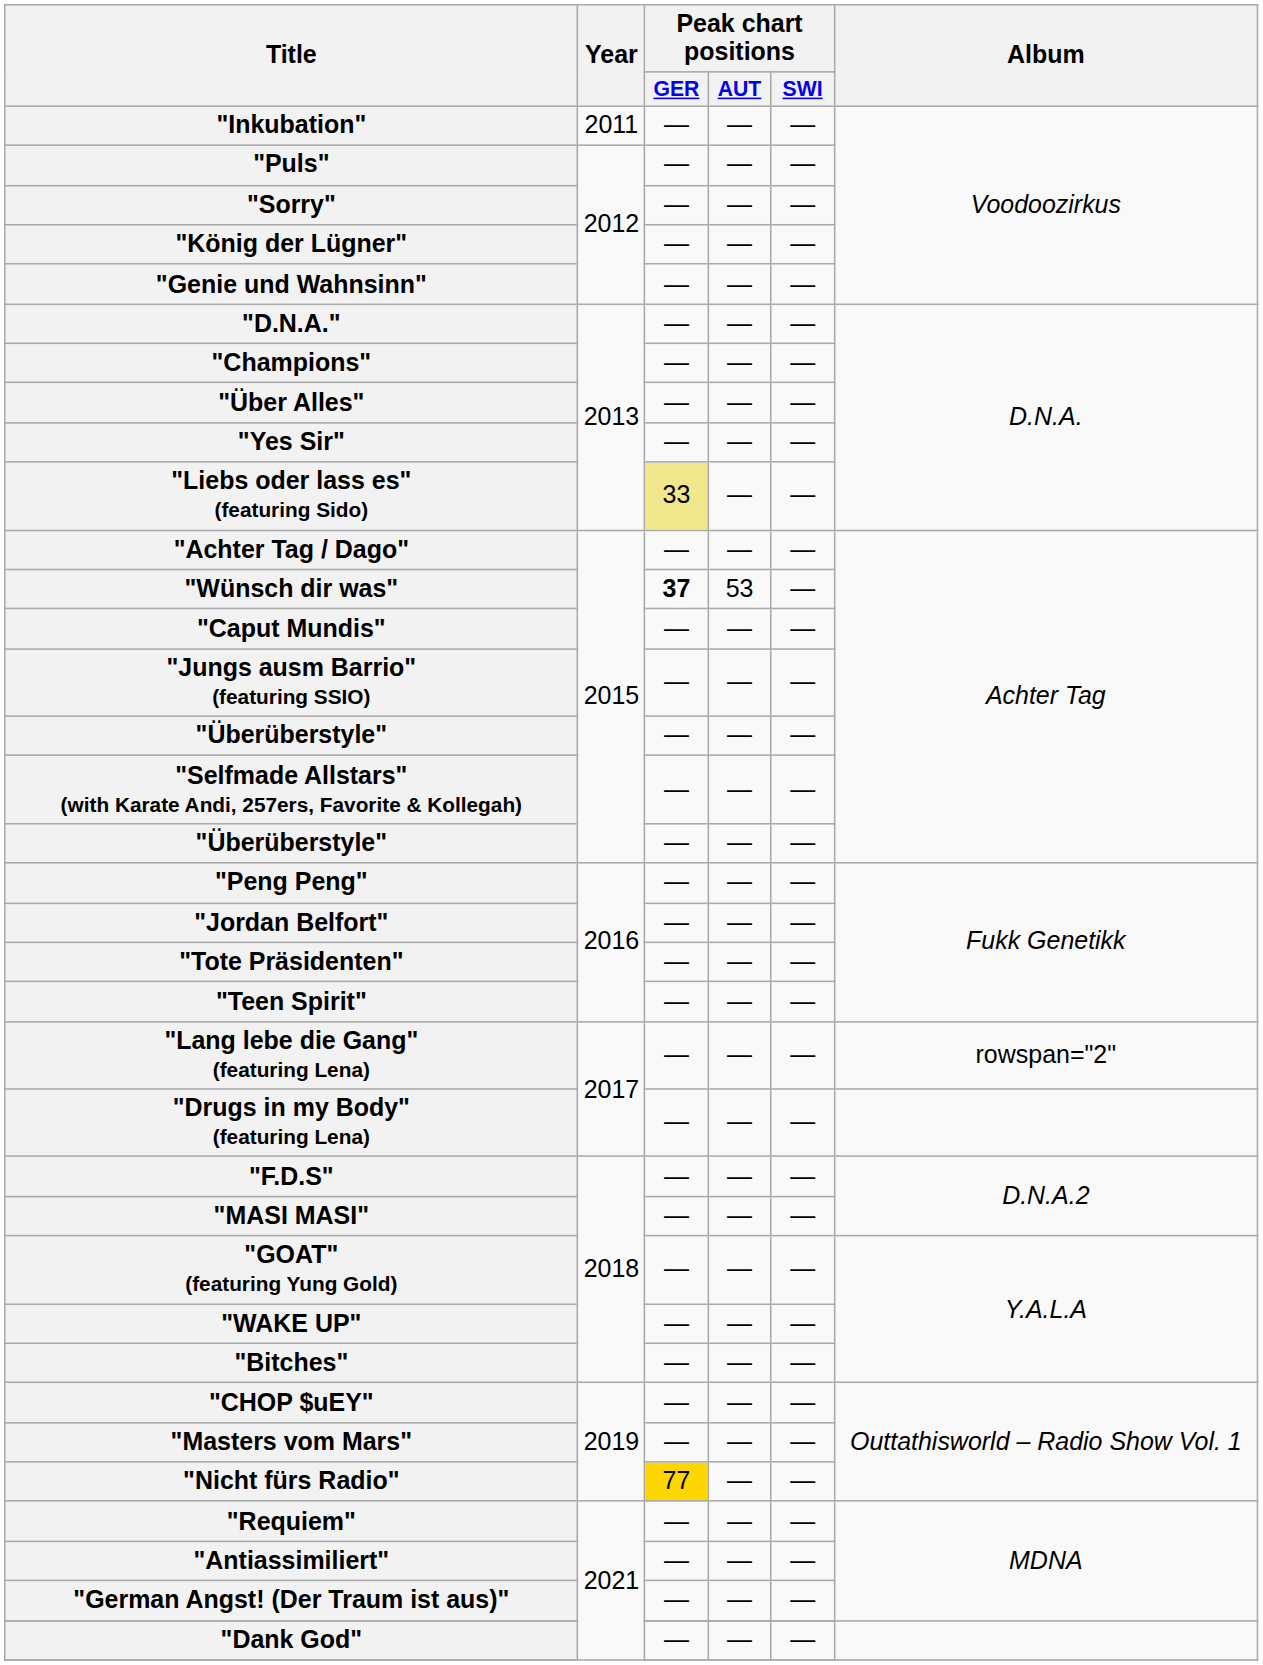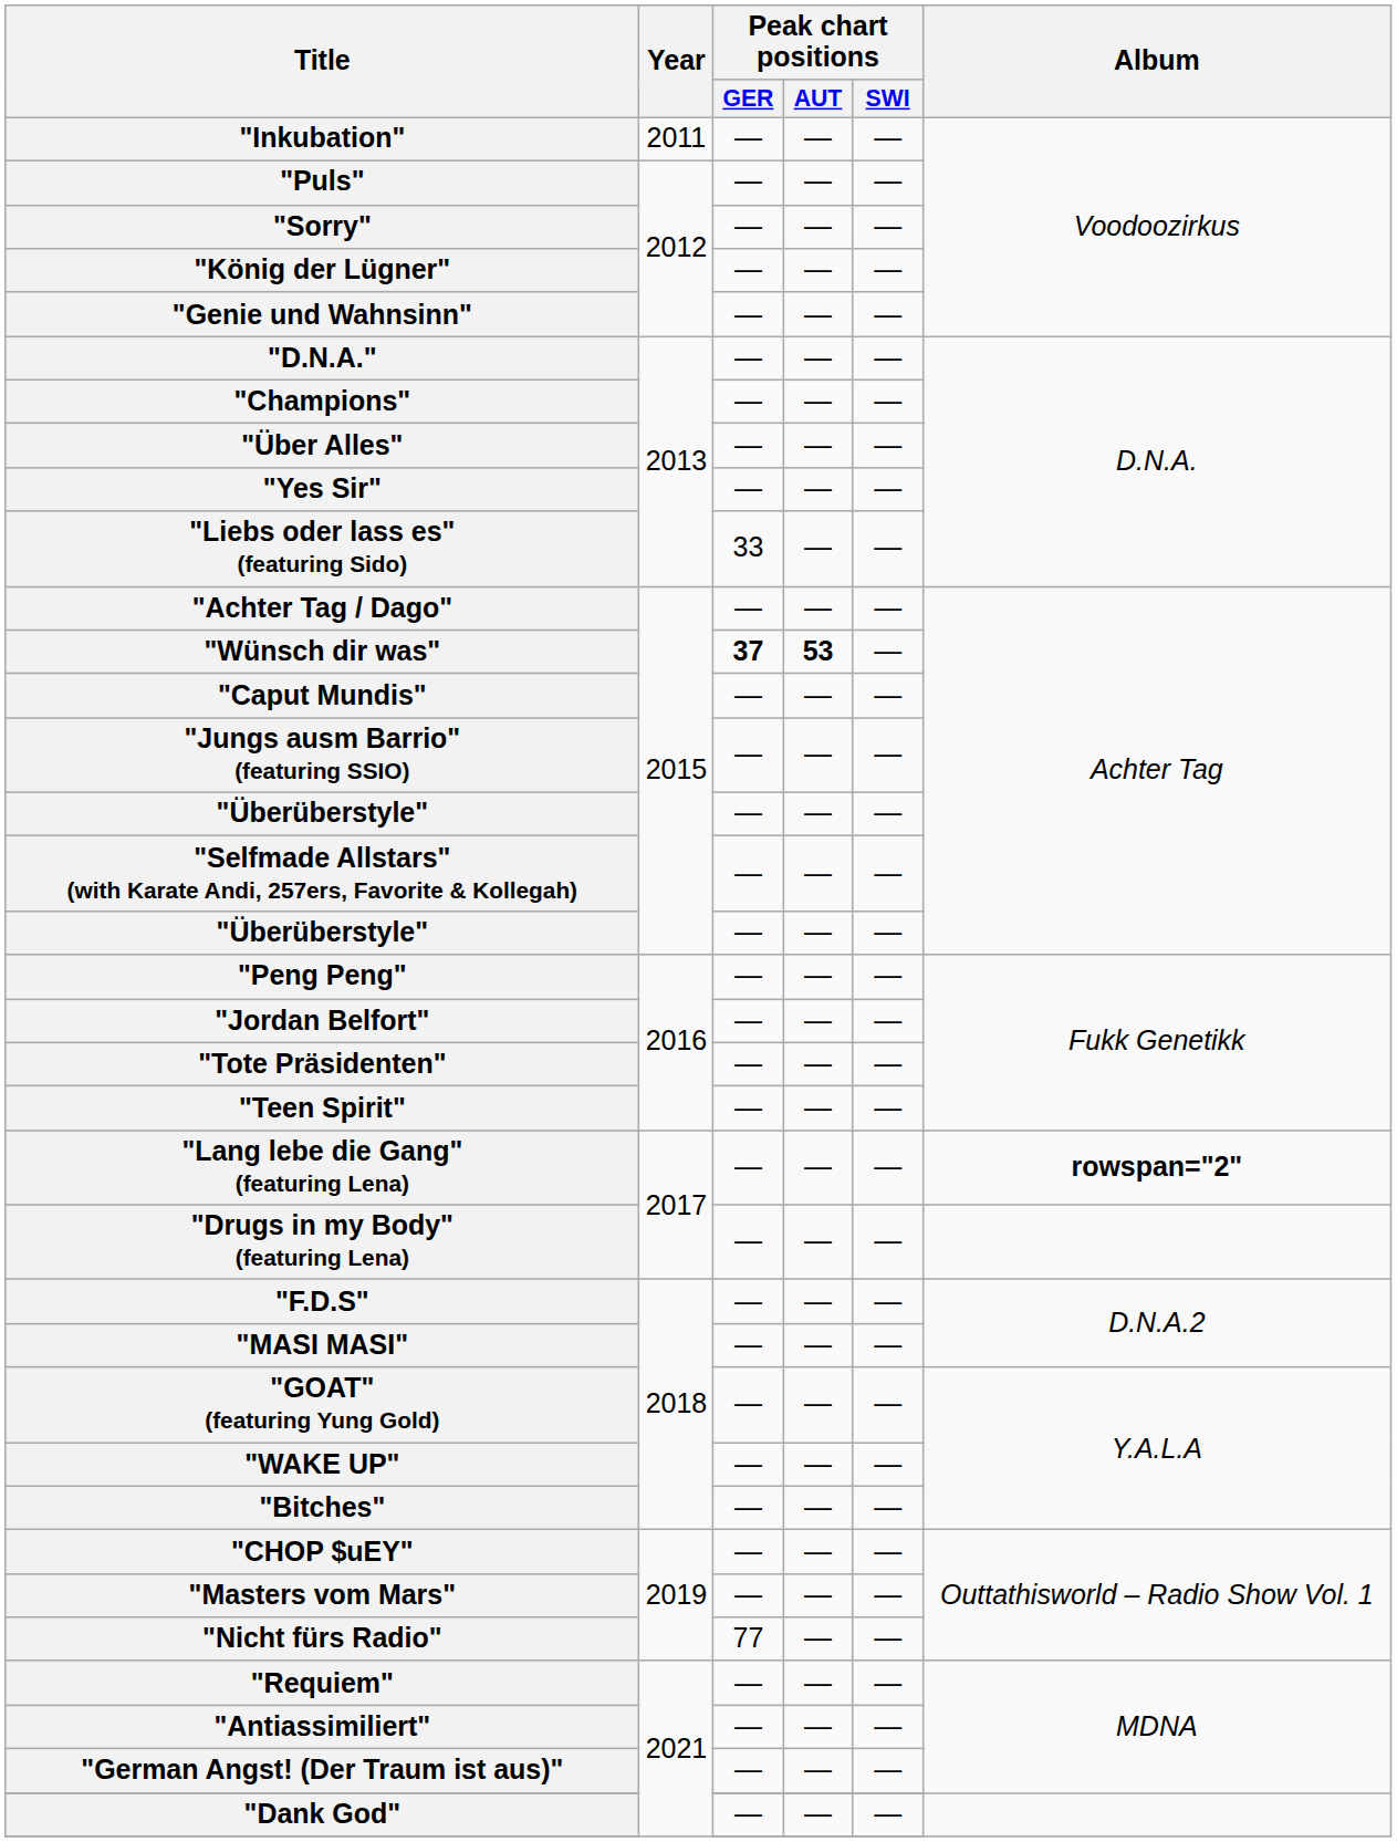 <table class="wikitable plainrowheaders" style="text-align:center;">
 <tr>
 <th scope="col" rowspan="2" style="width:22.5em;">Title</th>
 <th scope="col" rowspan="2" style="width:1em;">Year</th>
 <th scope="col" colspan="3">Peak chart positions</th>
 <th scope="col" rowspan="2" style="width:16.5em;">Album</th>
 </tr>
 <tr>
 <th style="width:2.5em; font-size:85%"><a href='#'>GER</a><br></th>
 <th style="width:2.5em; font-size:85%"><a href='#'>AUT</a><br></th>
 <th style="width:2.5em; font-size:85%"><a href='#'>SWI</a><br></th>
 </tr>
 <tr>
 <th scope="row">"Inkubation"</th>
 <td>2011</td>
 <td>—</td>
 <td>—</td>
 <td>—</td>
 <td rowspan="5"><em>Voodoozirkus</em></td>
 </tr>
 <tr>
 <th scope="row">"Puls"</th>
 <td rowspan="4">2012</td>
 <td>—</td>
 <td>—</td>
 <td>—</td>
 </tr>
 <tr>
 <th scope="row">"Sorry"</th>
 <td>—</td>
 <td>—</td>
 <td>—</td>
 </tr>
 <tr>
 <th scope="row">"König der Lügner"</th>
 <td>—</td>
 <td>—</td>
 <td>—</td>
 </tr>
 <tr>
 <th scope="row">"Genie und Wahnsinn"</th>
 <td>—</td>
 <td>—</td>
 <td>—</td>
 </tr>
 <tr>
 <th scope="row">"D.N.A."</th>
 <td rowspan="5">2013</td>
 <td>—</td>
 <td>—</td>
 <td>—</td>
 <td rowspan="5"><em>D.N.A.</em></td>
 </tr>
 <tr>
 <th scope="row">"Champions"</th>
 <td>—</td>
 <td>—</td>
 <td>—</td>
 </tr>
 <tr>
 <th scope="row">"Über Alles"</th>
 <td>—</td>
 <td>—</td>
 <td>—</td>
 </tr>
 <tr>
 <th scope="row">"Yes Sir"</th>
 <td>—</td>
 <td>—</td>
 <td>—</td>
 </tr>
 <tr>
 <th scope="row">"Liebs oder lass es"<br><small>(featuring Sido)</small></th>
-<td style="background: khaki;">33</td>
+<td>33</td>
 <td>—</td>
 <td>—</td>
 </tr>
 <tr>
 <th scope="row">"Achter Tag / Dago"</th>
 <td rowspan="7">2015</td>
 <td>—</td>
 <td>—</td>
 <td>—</td>
 <td rowspan="7"><em>Achter Tag</em></td>
 </tr>
 <tr>
 <th scope="row">"Wünsch dir was"</th>
 <td><strong>37</strong></td>
-<td>53</td>
+<td><strong>53</strong></td>
 <td>—</td>
 </tr>
 <tr>
 <th scope="row">"Caput Mundis"</th>
 <td>—</td>
 <td>—</td>
 <td>—</td>
 </tr>
 <tr>
 <th scope="row">"Jungs ausm Barrio"<br><small>(featuring SSIO)</small></th>
 <td>—</td>
 <td>—</td>
 <td>—</td>
 </tr>
 <tr>
 <th scope="row">"Überüberstyle"</th>
 <td>—</td>
 <td>—</td>
 <td>—</td>
 </tr>
 <tr>
 <th scope="row">"Selfmade Allstars"<br><small>(with Karate Andi, 257ers, Favorite & Kollegah)</small></th>
 <td>—</td>
 <td>—</td>
 <td>—</td>
 </tr>
 <tr>
 <th scope="row">"Überüberstyle"</th>
 <td>—</td>
 <td>—</td>
 <td>—</td>
 </tr>
 <tr>
 <th scope="row">"Peng Peng"</th>
 <td rowspan="4">2016</td>
 <td>—</td>
 <td>—</td>
 <td>—</td>
 <td rowspan="4"><em>Fukk Genetikk</em></td>
 </tr>
 <tr>
 <th scope="row">"Jordan Belfort"</th>
 <td>—</td>
 <td>—</td>
 <td>—</td>
 </tr>
 <tr>
 <th scope="row">"Tote Präsidenten"</th>
 <td>—</td>
 <td>—</td>
 <td>—</td>
 </tr>
 <tr>
 <th scope="row">"Teen Spirit"</th>
 <td>—</td>
 <td>—</td>
 <td>—</td>
 </tr>
 <tr>
 <th scope="row">"Lang lebe die Gang"<br><small>(featuring Lena)</small></th>
 <td rowspan="2">2017</td>
 <td>—</td>
 <td>—</td>
 <td>—</td>
-<td>rowspan="2" </td>
+<td><strong>rowspan="2" </strong></td>
 </tr>
 <tr>
 <th scope="row">"Drugs in my Body"<br><small>(featuring Lena)</small></th>
 <td>—</td>
 <td>—</td>
 <td>—</td>
 </tr>
 <tr>
 <th scope="row">"F.D.S"</th>
 <td rowspan="5">2018</td>
 <td>—</td>
 <td>—</td>
 <td>—</td>
 <td rowspan="2"><em>D.N.A.2</em></td>
 </tr>
 <tr>
 <th scope="row">"MASI MASI"</th>
 <td>—</td>
 <td>—</td>
 <td>—</td>
 </tr>
 <tr>
 <th scope="row">"GOAT"<br><small>(featuring Yung Gold)</small></th>
 <td>—</td>
 <td>—</td>
 <td>—</td>
 <td rowspan="3"><em>Y.A.L.A</em></td>
 </tr>
 <tr>
 <th scope="row">"WAKE UP"</th>
 <td>—</td>
 <td>—</td>
 <td>—</td>
 </tr>
 <tr>
 <th scope="row">"Bitches"</th>
 <td>—</td>
 <td>—</td>
 <td>—</td>
 </tr>
 <tr>
 <th scope="row">"CHOP $uEY"</th>
 <td rowspan="3">2019</td>
 <td>—</td>
 <td>—</td>
 <td>—</td>
 <td rowspan="3"><em>Outtathisworld – Radio Show Vol. 1</em></td>
 </tr>
 <tr>
 <th scope="row">"Masters vom Mars"</th>
 <td>—</td>
 <td>—</td>
 <td>—</td>
 </tr>
 <tr>
 <th scope="row">"Nicht fürs Radio"</th>
-<td style="background: gold;">77</td>
+<td>77</td>
 <td>—</td>
 <td>—</td>
 </tr>
 <tr>
 <th scope="row">"Requiem"</th>
 <td rowspan="6">2021</td>
 <td>—</td>
 <td>—</td>
 <td>—</td>
 <td rowspan="4"><em>MDNA</em></td>
 </tr>
 <tr>
 <th scope="row">"Antiassimiliert"</th>
 <td>—</td>
 <td>—</td>
 <td>—</td>
 </tr>
 <tr>
 <th scope="row">"German Angst! (Der Traum ist aus)"</th>
 <td>—</td>
 <td>—</td>
 <td>—</td>
 </tr>
 <tr>
 </tr>
 <tr>
 <th scope="row">"Dank God"</th>
 <td>—</td>
 <td>—</td>
 <td>—</td>
 </tr>
 <tr>
 </tr>
 </table>
